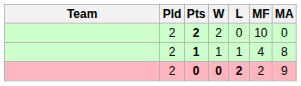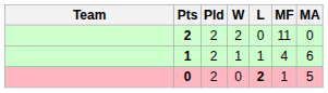 <table class=wikitable style="text-align:center">
 <tr>
 <th width=200>Team</th>
+<th width=20>Pts</th>
 <th width=20>Pld</th>
-<th width=20>Pts</th>
 <th width=20>W</th>
 <th width=20>L</th>
 <th width=20>MF</th>
 <th width=20>MA</th>
 </tr>
 <tr bgcolor=ccffcc>
 <td style="text-align:left"></td>
-<td>2</td>
 <td><strong>2</strong></td>
 <td>2</td>
+<td>2</td>
 <td>0</td>
-<td>10</td>
+<td>11</td>
 <td>0</td>
 </tr>
 <tr bgcolor=ccffcc>
 <td style="text-align:left"></td>
+<td><strong>1</strong></td>
 <td>2</td>
-<td><strong>1</strong></td>
 <td>1</td>
 <td>1</td>
 <td>4</td>
-<td>8</td>
+<td>6</td>
 </tr>
 <tr bgcolor=ffb6c1>
 <td style="text-align:left"></td>
+<td><strong>0</strong></td>
 <td>2</td>
-<td><strong>0</strong></td>
-<td><strong>0</strong></td>
+<td>0</td>
 <td><strong>2</strong></td>
-<td>2</td>
-<td>9</td>
+<td>1</td>
+<td>5</td>
 </tr>
 </table>
